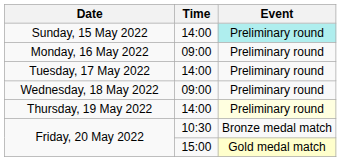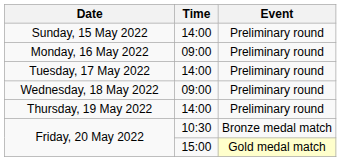 <table class = "wikitable" style="text-align:center;">
 <tr>
 <th width=220>Date</th>
 <th width=50>Time</th>
 <th width=150>Event</th>
 </tr>
 <tr>
 <td>Sunday, 15 May 2022</td>
 <td>14:00</td>
-<td style="background: paleturquoise;">Preliminary round</td>
+<td>Preliminary round</td>
 </tr>
 <tr>
 <td>Monday, 16 May 2022</td>
 <td>09:00</td>
 <td>Preliminary round</td>
 </tr>
 <tr>
 <td>Tuesday, 17 May 2022</td>
 <td>14:00</td>
 <td>Preliminary round</td>
 </tr>
 <tr>
 <td>Wednesday, 18 May 2022</td>
 <td>09:00</td>
 <td>Preliminary round</td>
 </tr>
 <tr>
 <td>Thursday, 19 May 2022</td>
 <td>14:00</td>
-<td style="background: lightyellow;">Preliminary round</td>
+<td>Preliminary round</td>
 </tr>
 <tr>
 <td rowspan=2>Friday, 20 May 2022</td>
 <td>10:30</td>
 <td>Bronze medal match</td>
 </tr>
 <tr>
 <td>15:00</td>
 <td bgcolor=ffffcc>Gold medal match</td>
 </tr>
 </table>
